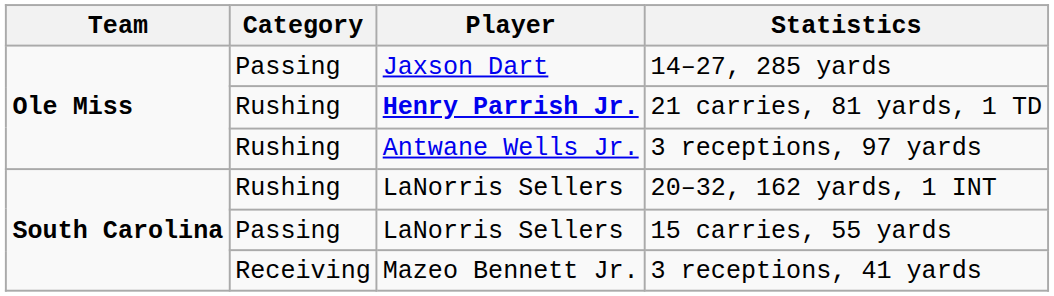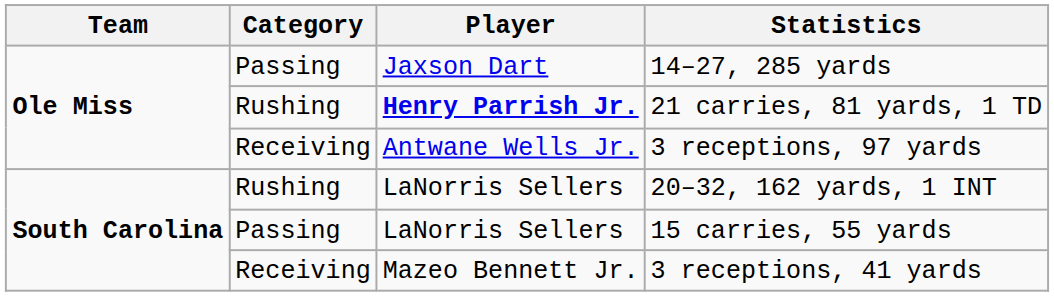 <table class="wikitable" style="float: right;">
 <tr>
 <th>Team</th>
 <th>Category</th>
 <th>Player</th>
 <th>Statistics</th>
 </tr>
 <tr>
 <td rowspan=3><strong>Ole Miss</strong></td>
 <td>Passing</td>
 <td><a href='#'>Jaxson Dart</a></td>
 <td>14–27, 285 yards</td>
 </tr>
 <tr>
 <td>Rushing</td>
 <td><strong><a href='#'>Henry Parrish Jr.</a></strong></td>
 <td>21 carries, 81 yards, 1 TD</td>
 </tr>
 <tr>
-<td>Rushing</td>
+<td>Receiving</td>
 <td><a href='#'>Antwane Wells Jr.</a></td>
 <td>3 receptions, 97 yards</td>
 </tr>
 <tr>
 <td rowspan=3><strong>South Carolina</strong></td>
 <td>Rushing</td>
 <td>LaNorris Sellers</td>
 <td>20–32, 162 yards, 1 INT</td>
 </tr>
 <tr>
 <td>Passing</td>
 <td>LaNorris Sellers</td>
 <td>15 carries, 55 yards</td>
 </tr>
 <tr>
 <td>Receiving</td>
 <td>Mazeo Bennett Jr.</td>
 <td>3 receptions, 41 yards</td>
 </tr>
 </table>
